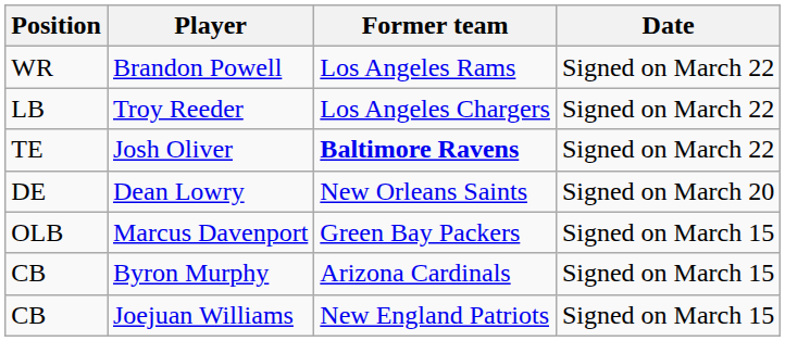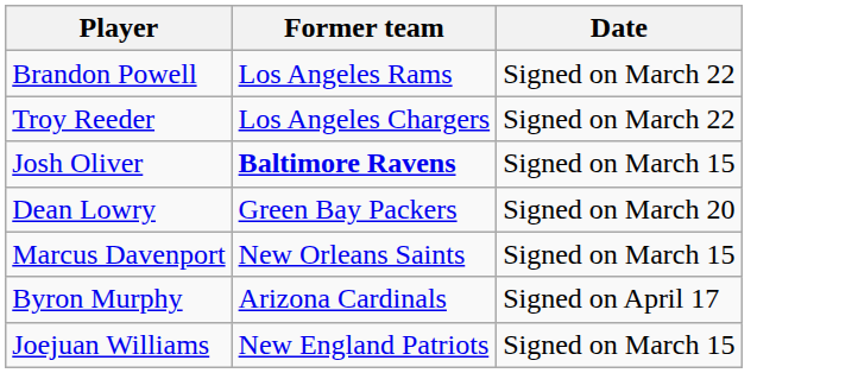 <table class="wikitable">
 <tr>
-<th>Position</th>
 <th>Player</th>
 <th>Former team</th>
 <th>Date</th>
 </tr>
 <tr>
-<td>WR</td>
 <td><a href='#'>Brandon Powell</a></td>
 <td><a href='#'>Los Angeles Rams</a></td>
 <td>Signed on March 22</td>
 </tr>
 <tr>
-<td>LB</td>
 <td><a href='#'>Troy Reeder</a></td>
 <td><a href='#'>Los Angeles Chargers</a></td>
 <td>Signed on March 22</td>
 </tr>
 <tr>
-<td>TE</td>
 <td><a href='#'>Josh Oliver</a></td>
 <td><strong><a href='#'>Baltimore Ravens</a></strong></td>
-<td>Signed on March 22</td>
+<td>Signed on March 15</td>
 </tr>
 <tr>
-<td>DE</td>
 <td><a href='#'>Dean Lowry</a></td>
-<td><a href='#'>New Orleans Saints</a></td>
+<td><a href='#'>Green Bay Packers</a></td>
 <td>Signed on March 20</td>
 </tr>
 <tr>
-<td>OLB</td>
 <td><a href='#'>Marcus Davenport</a></td>
-<td><a href='#'>Green Bay Packers</a></td>
+<td><a href='#'>New Orleans Saints</a></td>
 <td>Signed on March 15</td>
 </tr>
 <tr>
-<td>CB</td>
 <td><a href='#'>Byron Murphy</a></td>
 <td><a href='#'>Arizona Cardinals</a></td>
-<td>Signed on March 15</td>
+<td>Signed on April 17</td>
 </tr>
 <tr>
-<td>CB</td>
 <td><a href='#'>Joejuan Williams</a></td>
 <td><a href='#'>New England Patriots</a></td>
 <td>Signed on March 15</td>
 </tr>
 </table>
